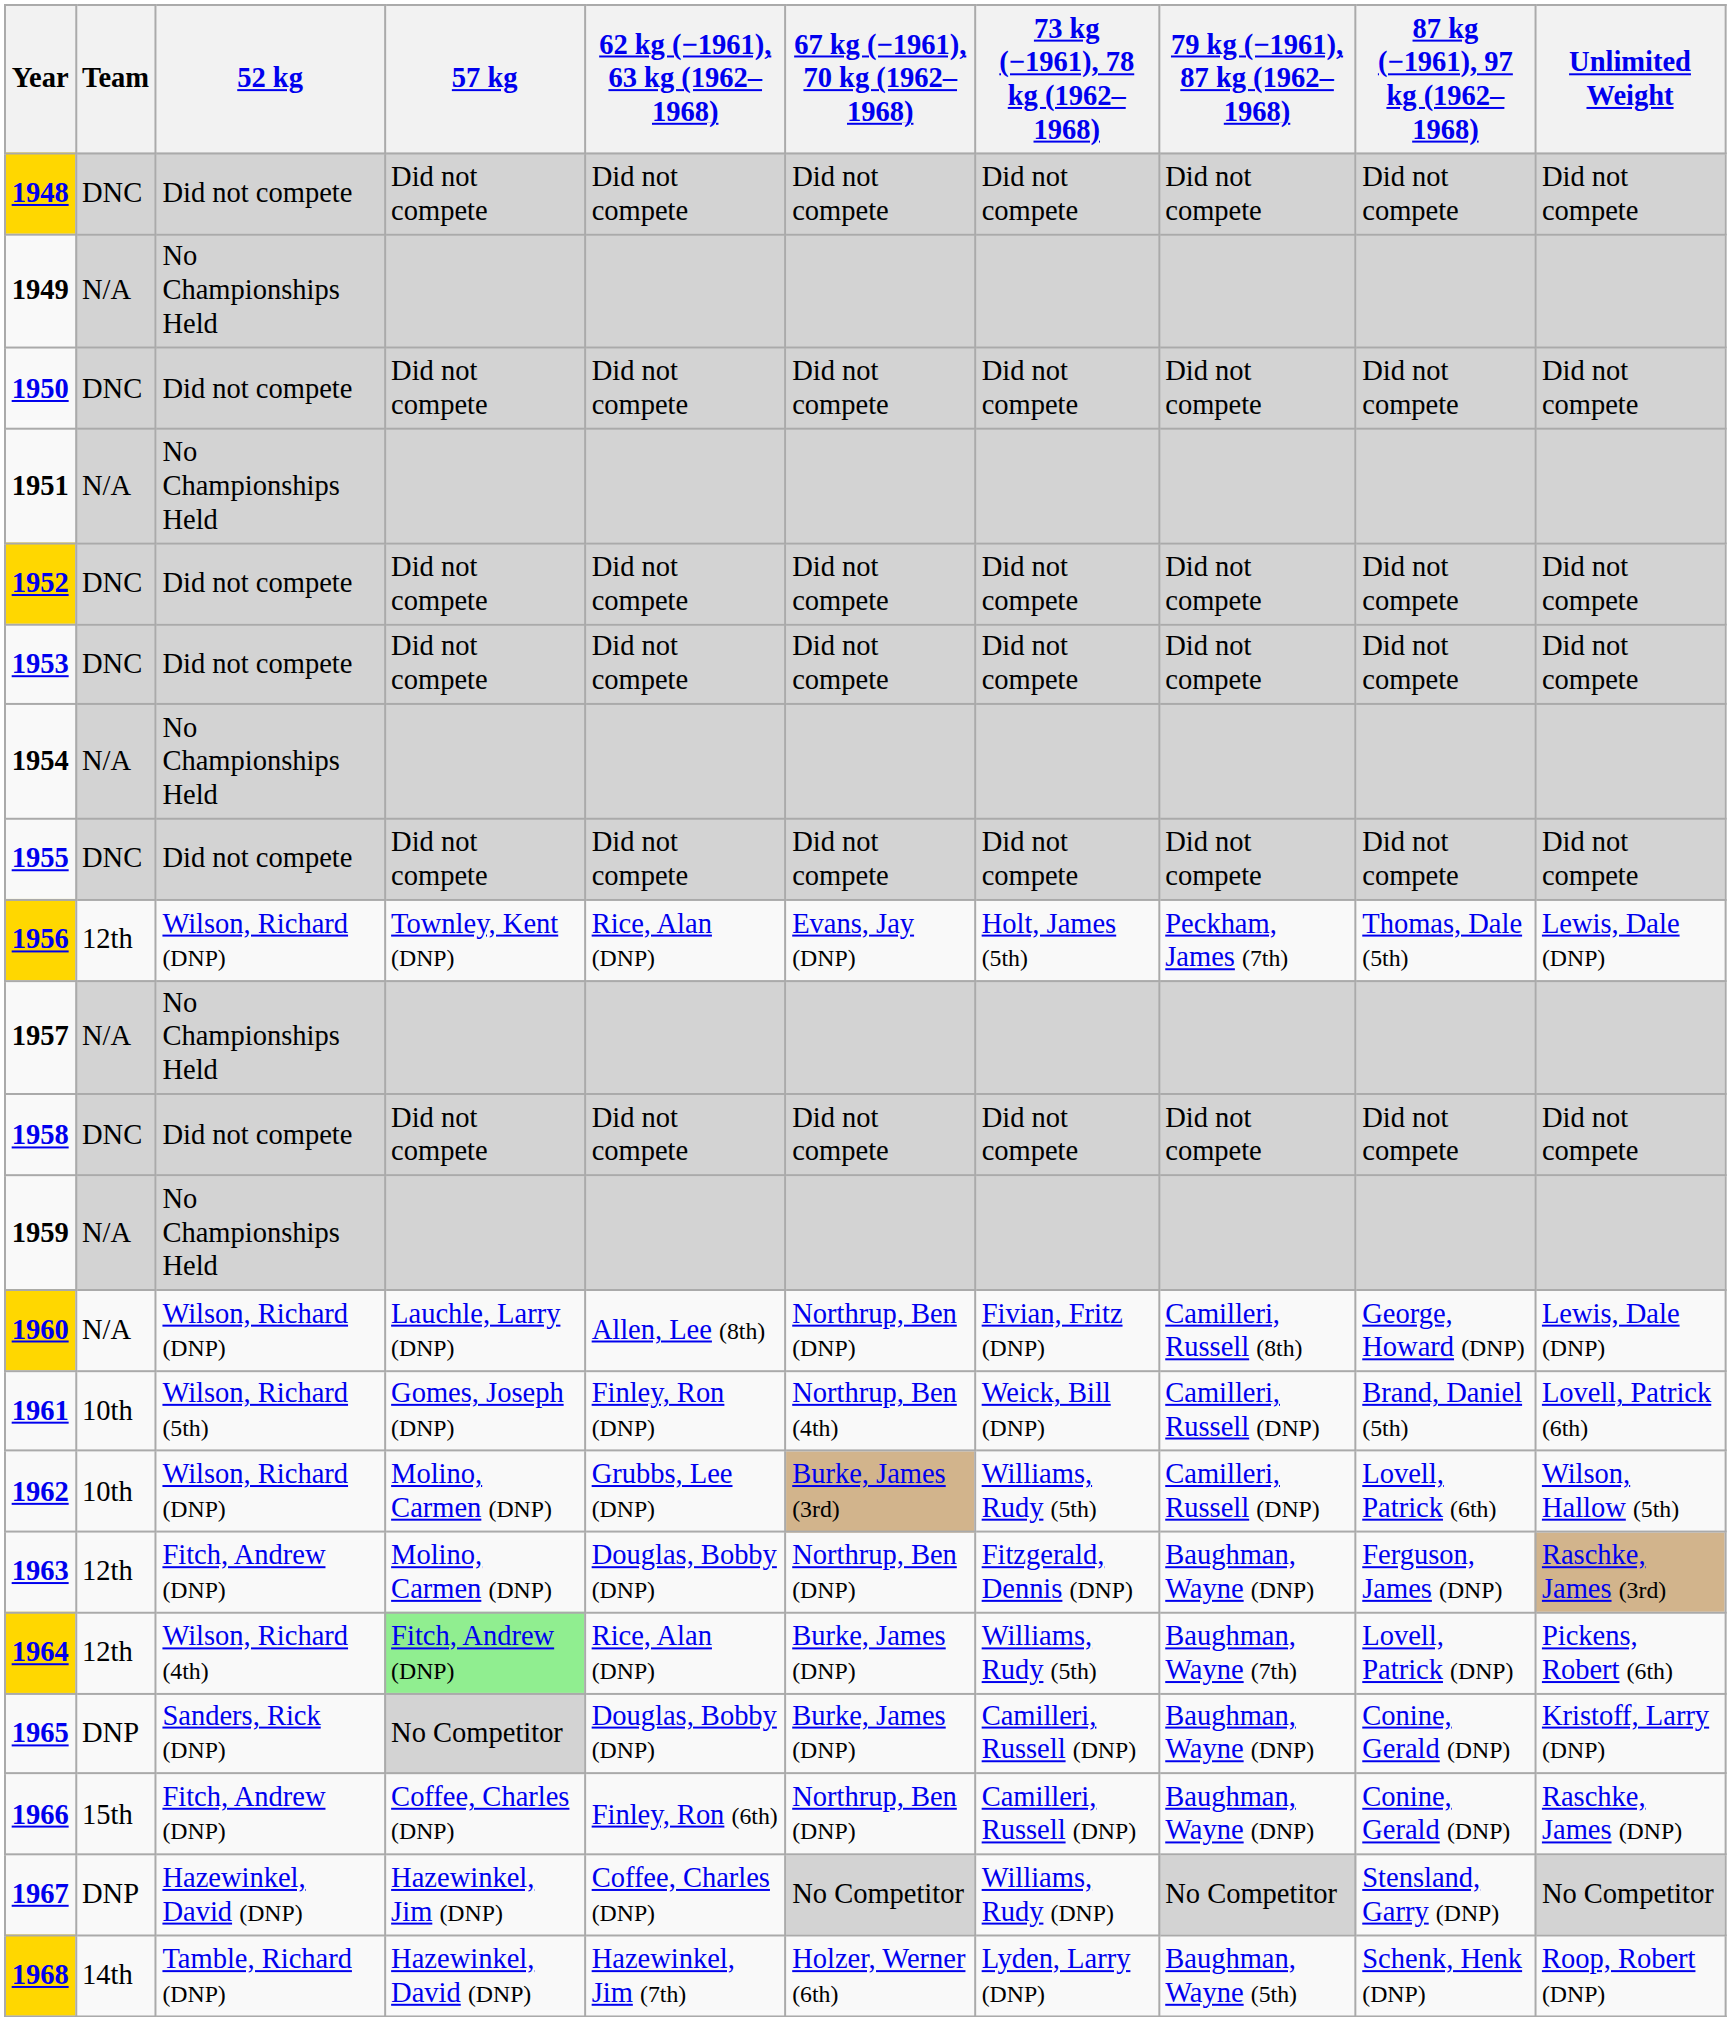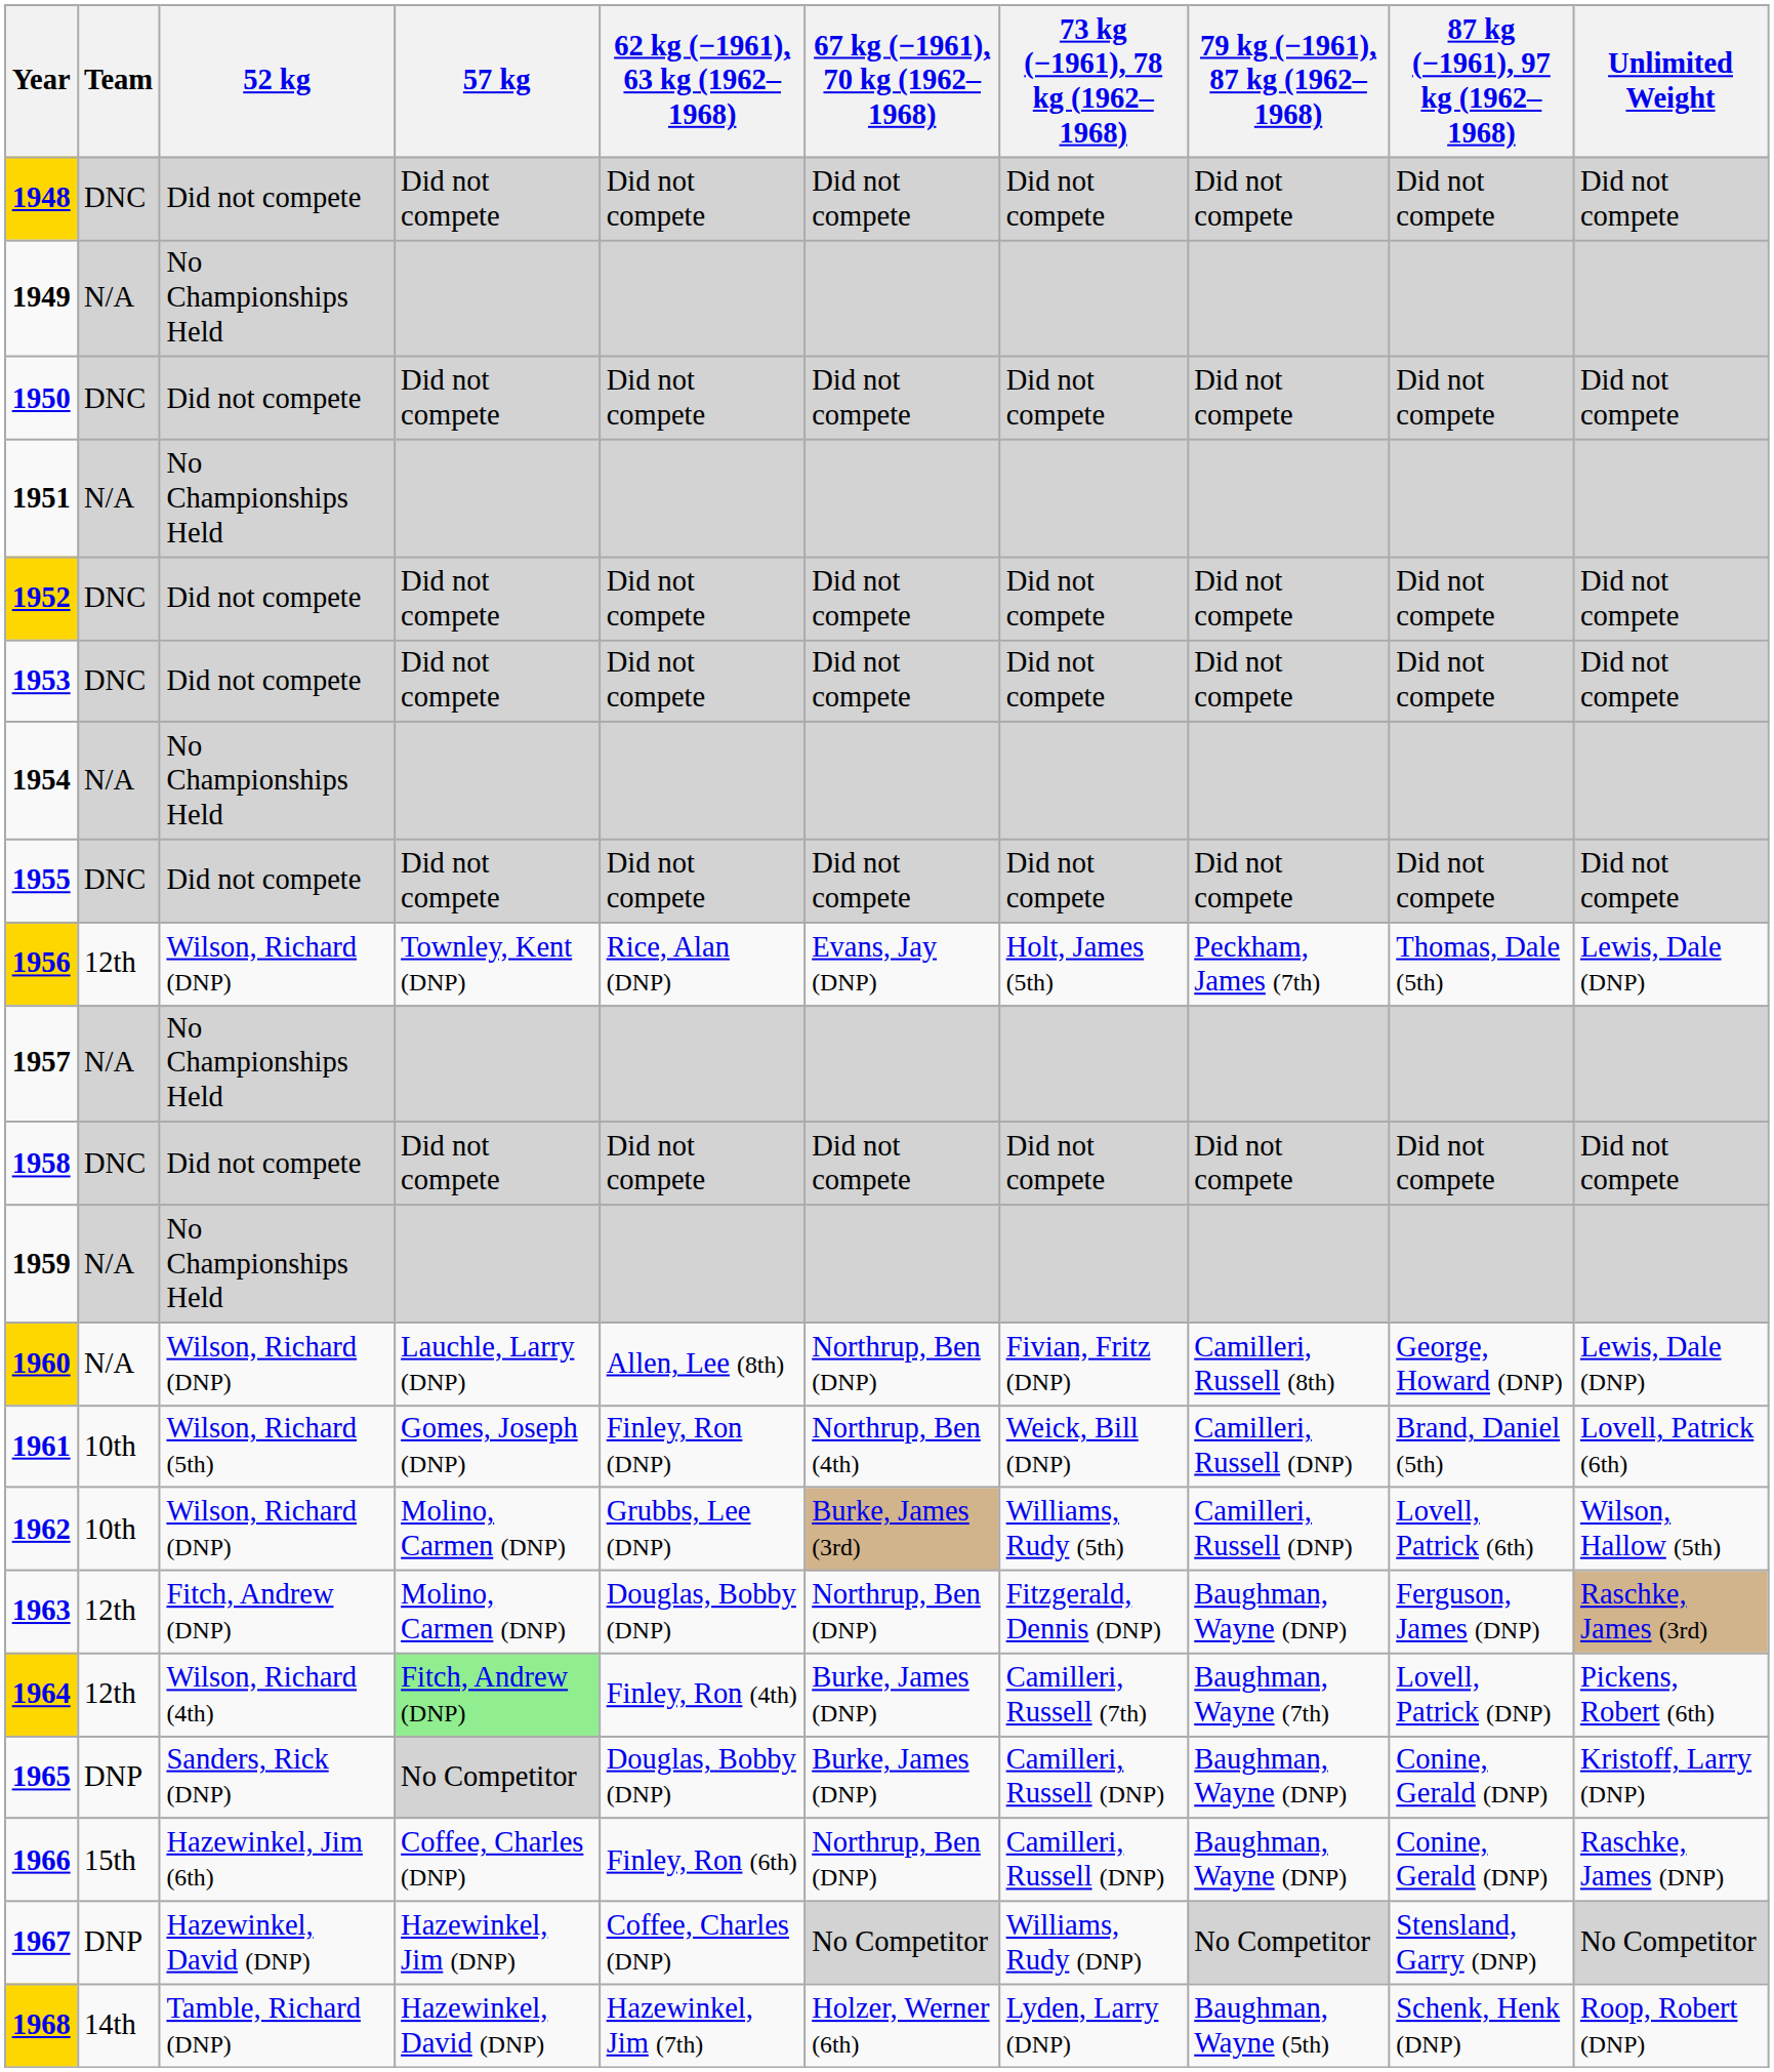 <table class="wikitable sortable" style="font-size: 90%">
 <tr>
 <th>Year</th>
 <th>Team</th>
 <th width=200><a href='#'>52 kg</a></th>
 <th width=200><a href='#'>57 kg</a></th>
 <th width=200><a href='#'>62 kg (−1961), 63 kg (1962–1968)</a></th>
 <th width=200><a href='#'>67 kg (−1961), 70 kg (1962–1968)</a></th>
 <th width=200><a href='#'>73 kg (−1961), 78 kg (1962–1968)</a></th>
 <th width=220><a href='#'>79 kg (−1961), 87 kg (1962–1968)</a></th>
 <th width=200><a href='#'>87 kg (−1961), 97 kg (1962–1968)</a></th>
 <th width=200><a href='#'>Unlimited Weight</a></th>
 </tr>
 <tr>
 <td bgcolor="GOLD"><strong><a href='#'>1948</a></strong></td>
 <td bgcolor = "lightgray">DNC</td>
 <td bgcolor="lightgray">Did not compete</td>
 <td bgcolor="lightgray">Did not compete</td>
 <td bgcolor="lightgray">Did not compete</td>
 <td bgcolor="lightgray">Did not compete</td>
 <td bgcolor="lightgray">Did not compete</td>
 <td bgcolor="lightgray">Did not compete</td>
 <td bgcolor="lightgray">Did not compete</td>
 <td bgcolor="lightgray">Did not compete</td>
 </tr>
 <tr>
 <td><strong>1949</strong></td>
 <td bgcolor = "lightgray">N/A</td>
 <td bgcolor="lightgray">No Championships Held</td>
 <td bgcolor="lightgray"></td>
 <td bgcolor="lightgray"></td>
 <td bgcolor="lightgray"></td>
 <td bgcolor="lightgray"></td>
 <td bgcolor="lightgray"></td>
 <td bgcolor="lightgray"></td>
 <td bgcolor="lightgray"></td>
 </tr>
 <tr>
 <td><strong><a href='#'>1950</a></strong></td>
 <td bgcolor = "lightgray">DNC</td>
 <td bgcolor="lightgray">Did not compete</td>
 <td bgcolor="lightgray">Did not compete</td>
 <td bgcolor="lightgray">Did not compete</td>
 <td bgcolor="lightgray">Did not compete</td>
 <td bgcolor="lightgray">Did not compete</td>
 <td bgcolor="lightgray">Did not compete</td>
 <td bgcolor="lightgray">Did not compete</td>
 <td bgcolor="lightgray">Did not compete</td>
 </tr>
 <tr>
 <td><strong>1951</strong></td>
 <td bgcolor = "lightgray">N/A</td>
 <td bgcolor="lightgray">No Championships Held</td>
 <td bgcolor="lightgray"></td>
 <td bgcolor="lightgray"></td>
 <td bgcolor="lightgray"></td>
 <td bgcolor="lightgray"></td>
 <td bgcolor="lightgray"></td>
 <td bgcolor="lightgray"></td>
 <td bgcolor="lightgray"></td>
 </tr>
 <tr>
 <td bgcolor="GOLD"><strong><a href='#'>1952</a></strong></td>
 <td bgcolor = "lightgray">DNC</td>
 <td bgcolor="lightgray">Did not compete</td>
 <td bgcolor="lightgray">Did not compete</td>
 <td bgcolor="lightgray">Did not compete</td>
 <td bgcolor="lightgray">Did not compete</td>
 <td bgcolor="lightgray">Did not compete</td>
 <td bgcolor="lightgray">Did not compete</td>
 <td bgcolor="lightgray">Did not compete</td>
 <td bgcolor="lightgray">Did not compete</td>
 </tr>
 <tr>
 <td><strong><a href='#'>1953</a></strong></td>
 <td bgcolor = "lightgray">DNC</td>
 <td bgcolor="lightgray">Did not compete</td>
 <td bgcolor="lightgray">Did not compete</td>
 <td bgcolor="lightgray">Did not compete</td>
 <td bgcolor="lightgray">Did not compete</td>
 <td bgcolor="lightgray">Did not compete</td>
 <td bgcolor="lightgray">Did not compete</td>
 <td bgcolor="lightgray">Did not compete</td>
 <td bgcolor="lightgray">Did not compete</td>
 </tr>
 <tr>
 <td><strong>1954</strong></td>
 <td bgcolor = "lightgray">N/A</td>
 <td bgcolor="lightgray">No Championships Held</td>
 <td bgcolor="lightgray"></td>
 <td bgcolor="lightgray"></td>
 <td bgcolor="lightgray"></td>
 <td bgcolor="lightgray"></td>
 <td bgcolor="lightgray"></td>
 <td bgcolor="lightgray"></td>
 <td bgcolor="lightgray"></td>
 </tr>
 <tr>
 <td><strong><a href='#'>1955</a></strong></td>
 <td bgcolor = "lightgray">DNC</td>
 <td bgcolor="lightgray">Did not compete</td>
 <td bgcolor="lightgray">Did not compete</td>
 <td bgcolor="lightgray">Did not compete</td>
 <td bgcolor="lightgray">Did not compete</td>
 <td bgcolor="lightgray">Did not compete</td>
 <td bgcolor="lightgray">Did not compete</td>
 <td bgcolor="lightgray">Did not compete</td>
 <td bgcolor="lightgray">Did not compete</td>
 </tr>
 <tr>
 <td bgcolor="GOLD"><strong><a href='#'>1956</a></strong></td>
 <td>12th</td>
 <td><a href='#'>Wilson, Richard</a> <small>(DNP)</small></td>
 <td><a href='#'>Townley, Kent</a> <small>(DNP)</small></td>
 <td><a href='#'>Rice, Alan</a> <small>(DNP)</small></td>
 <td><a href='#'>Evans, Jay</a> <small>(DNP)</small></td>
 <td><a href='#'>Holt, James</a> <small>(5th)</small></td>
 <td><a href='#'>Peckham, James</a> <small>(7th)</small></td>
 <td><a href='#'>Thomas, Dale</a> <small>(5th)</small></td>
 <td><a href='#'>Lewis, Dale</a> <small> (DNP)</small></td>
 </tr>
 <tr>
 <td><strong>1957</strong></td>
 <td bgcolor = "lightgray">N/A</td>
 <td bgcolor="lightgray">No Championships Held</td>
 <td bgcolor="lightgray"></td>
 <td bgcolor="lightgray"></td>
 <td bgcolor="lightgray"></td>
 <td bgcolor="lightgray"></td>
 <td bgcolor="lightgray"></td>
 <td bgcolor="lightgray"></td>
 <td bgcolor="lightgray"></td>
 </tr>
 <tr>
 <td><strong><a href='#'>1958</a></strong></td>
 <td bgcolor = "lightgray">DNC</td>
 <td bgcolor="lightgray">Did not compete</td>
 <td bgcolor="lightgray">Did not compete</td>
 <td bgcolor="lightgray">Did not compete</td>
 <td bgcolor="lightgray">Did not compete</td>
 <td bgcolor="lightgray">Did not compete</td>
 <td bgcolor="lightgray">Did not compete</td>
 <td bgcolor="lightgray">Did not compete</td>
 <td bgcolor="lightgray">Did not compete</td>
 </tr>
 <tr>
 <td><strong>1959</strong></td>
 <td bgcolor = "lightgray">N/A</td>
 <td bgcolor="lightgray">No Championships Held</td>
 <td bgcolor="lightgray"></td>
 <td bgcolor="lightgray"></td>
 <td bgcolor="lightgray"></td>
 <td bgcolor="lightgray"></td>
 <td bgcolor="lightgray"></td>
 <td bgcolor="lightgray"></td>
 <td bgcolor="lightgray"></td>
 </tr>
 <tr>
 <td bgcolor="GOLD"><strong><a href='#'>1960</a></strong></td>
 <td>N/A</td>
 <td><a href='#'>Wilson, Richard</a> <small>(DNP)</small></td>
 <td><a href='#'>Lauchle, Larry</a> <small>(DNP)</small></td>
 <td><a href='#'>Allen, Lee</a> <small>(8th)</small></td>
 <td><a href='#'>Northrup, Ben</a> <small>(DNP)</small></td>
 <td><a href='#'>Fivian, Fritz</a> <small>(DNP)</small></td>
 <td><a href='#'>Camilleri, Russell</a> <small>(8th)</small></td>
 <td><a href='#'>George, Howard</a> <small>(DNP)</small></td>
 <td><a href='#'>Lewis, Dale</a> <small> (DNP)</small></td>
 </tr>
 <tr>
 <td><strong><a href='#'>1961</a></strong></td>
 <td>10th</td>
 <td><a href='#'>Wilson, Richard</a> <small>(5th)</small></td>
 <td><a href='#'>Gomes, Joseph</a> <small>(DNP)</small></td>
 <td><a href='#'>Finley, Ron</a> <small>(DNP)</small></td>
 <td><a href='#'>Northrup, Ben</a> <small>(4th)</small></td>
 <td><a href='#'>Weick, Bill</a> <small>(DNP)</small></td>
 <td><a href='#'>Camilleri, Russell</a> <small>(DNP)</small></td>
 <td><a href='#'>Brand, Daniel</a> <small>(5th)</small></td>
 <td><a href='#'>Lovell, Patrick</a> <small> (6th)</small></td>
 </tr>
 <tr>
 <td><strong><a href='#'>1962</a></strong></td>
 <td>10th</td>
 <td><a href='#'>Wilson, Richard</a> <small>(DNP)</small></td>
 <td><a href='#'>Molino, Carmen</a> <small>(DNP)</small></td>
 <td><a href='#'>Grubbs, Lee</a> <small>(DNP)</small></td>
 <td bgcolor="TAN"><a href='#'>Burke, James</a> <small>(3rd)</small></td>
 <td><a href='#'>Williams, Rudy</a> <small>(5th)</small></td>
 <td><a href='#'>Camilleri, Russell</a> <small>(DNP)</small></td>
 <td><a href='#'>Lovell, Patrick</a> <small>(6th)</small></td>
 <td><a href='#'>Wilson, Hallow</a> <small> (5th)</small></td>
 </tr>
 <tr>
 <td><strong><a href='#'>1963</a></strong></td>
 <td>12th</td>
 <td><a href='#'>Fitch, Andrew</a> <small>(DNP)</small></td>
 <td><a href='#'>Molino, Carmen</a> <small>(DNP)</small></td>
 <td><a href='#'>Douglas, Bobby</a> <small>(DNP)</small></td>
 <td><a href='#'>Northrup, Ben</a> <small>(DNP)</small></td>
 <td><a href='#'>Fitzgerald, Dennis</a> <small>(DNP)</small></td>
 <td><a href='#'>Baughman, Wayne</a> <small>(DNP)</small></td>
 <td><a href='#'>Ferguson, James</a> <small>(DNP)</small></td>
 <td bgcolor="tan"><a href='#'>Raschke, James</a> <small> (3rd)</small></td>
 </tr>
 <tr>
 <td bgcolor="GOLD"><strong><a href='#'>1964</a></strong></td>
 <td>12th</td>
 <td><a href='#'>Wilson, Richard</a> <small>(4th)</small></td>
 <td style="background: lightgreen;"><a href='#'>Fitch, Andrew</a> <small>(DNP)</small></td>
-<td><a href='#'>Rice, Alan</a> <small>(DNP)</small></td>
+<td><a href='#'>Finley, Ron</a> <small>(4th)</small></td>
 <td><a href='#'>Burke, James</a> <small>(DNP)</small></td>
-<td><a href='#'>Williams, Rudy</a> <small>(5th)</small></td>
+<td><a href='#'>Camilleri, Russell</a> <small>(7th)</small></td>
 <td><a href='#'>Baughman, Wayne</a> <small>(7th)</small></td>
 <td><a href='#'>Lovell, Patrick</a> <small>(DNP)</small></td>
 <td><a href='#'>Pickens, Robert</a> <small> (6th)</small></td>
 </tr>
 <tr>
 <td><strong><a href='#'>1965</a></strong></td>
 <td>DNP</td>
 <td><a href='#'>Sanders, Rick</a> <small>(DNP)</small></td>
 <td bgcolor="lightgray">No Competitor</td>
 <td><a href='#'>Douglas, Bobby</a> <small>(DNP)</small></td>
 <td><a href='#'>Burke, James</a> <small>(DNP)</small></td>
 <td><a href='#'>Camilleri, Russell</a> <small>(DNP)</small></td>
 <td><a href='#'>Baughman, Wayne</a> <small>(DNP)</small></td>
 <td><a href='#'>Conine, Gerald</a> <small>(DNP)</small></td>
 <td><a href='#'>Kristoff, Larry</a> <small> (DNP)</small></td>
 </tr>
 <tr>
 <td><strong><a href='#'>1966</a></strong></td>
 <td>15th</td>
-<td><a href='#'>Fitch, Andrew</a> <small>(DNP)</small></td>
+<td><a href='#'>Hazewinkel, Jim</a> <small>(6th)</small></td>
 <td><a href='#'>Coffee, Charles</a> <small>(DNP)</small></td>
 <td><a href='#'>Finley, Ron</a> <small>(6th)</small></td>
 <td><a href='#'>Northrup, Ben</a> <small>(DNP)</small></td>
 <td><a href='#'>Camilleri, Russell</a> <small>(DNP)</small></td>
 <td><a href='#'>Baughman, Wayne</a> <small>(DNP)</small></td>
 <td><a href='#'>Conine, Gerald</a> <small>(DNP)</small></td>
 <td><a href='#'>Raschke, James</a> <small> (DNP)</small></td>
 </tr>
 <tr>
 <td><strong><a href='#'>1967</a></strong></td>
 <td>DNP</td>
 <td><a href='#'>Hazewinkel, David</a> <small>(DNP)</small></td>
 <td><a href='#'>Hazewinkel, Jim</a> <small>(DNP)</small></td>
 <td><a href='#'>Coffee, Charles</a> <small>(DNP)</small></td>
 <td bgcolor="lightgray">No Competitor</td>
 <td><a href='#'>Williams, Rudy</a> <small>(DNP)</small></td>
 <td bgcolor="lightgray">No Competitor</td>
 <td><a href='#'>Stensland, Garry</a> <small> (DNP)</small></td>
 <td bgcolor="lightgray">No Competitor</td>
 </tr>
 <tr>
 <td bgcolor="GOLD"><strong><a href='#'>1968</a></strong></td>
 <td>14th</td>
 <td><a href='#'>Tamble, Richard</a> <small>(DNP)</small></td>
 <td><a href='#'>Hazewinkel, David</a> <small>(DNP)</small></td>
 <td><a href='#'>Hazewinkel, Jim</a> <small>(7th)</small></td>
 <td><a href='#'>Holzer, Werner</a> <small>(6th)</small></td>
 <td><a href='#'>Lyden, Larry</a> <small>(DNP)</small></td>
 <td><a href='#'>Baughman, Wayne</a> <small>(5th)</small></td>
 <td><a href='#'>Schenk, Henk</a> <small> (DNP)</small></td>
 <td><a href='#'>Roop, Robert</a> <small>(DNP)</small></td>
 </tr>
 <tr>
 </tr>
 </table>
